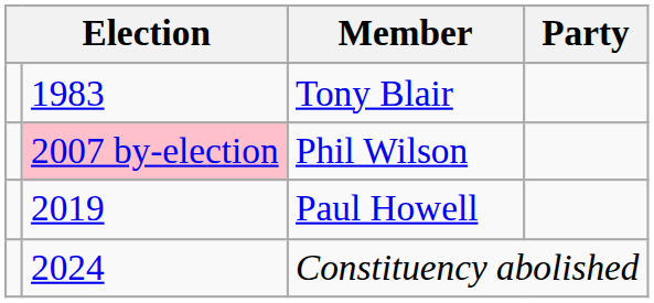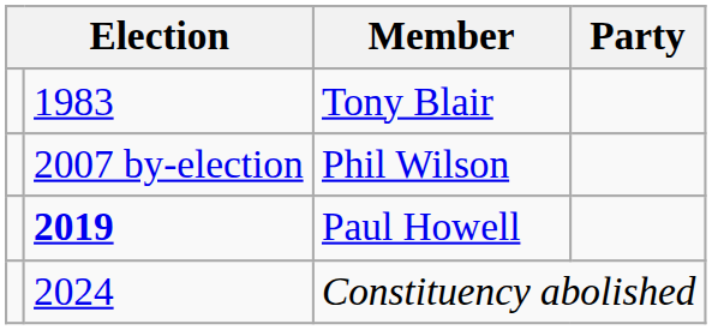 <table class="wikitable">
 <tr>
 <th colspan="2">Election</th>
 <th>Member</th>
 <th>Party</th>
 </tr>
 <tr>
 <td style="color:inherit;background-color: "></td>
 <td><a href='#'>1983</a></td>
 <td><a href='#'>Tony Blair</a></td>
 <td></td>
 </tr>
 <tr>
 <td style="color:inherit;background-color: "></td>
-<td style="background: pink;"><a href='#'>2007 by-election</a></td>
+<td><a href='#'>2007 by-election</a></td>
 <td><a href='#'>Phil Wilson</a></td>
 <td></td>
 </tr>
 <tr>
 <td style="color:inherit;background-color: "></td>
-<td><a href='#'>2019</a></td>
+<td><strong><a href='#'>2019</a></strong></td>
 <td><a href='#'>Paul Howell</a></td>
 <td></td>
 </tr>
 <tr>
 <td></td>
 <td><a href='#'>2024</a></td>
 <td colspan="3"><em>Constituency abolished</em></td>
 </tr>
 </table>
